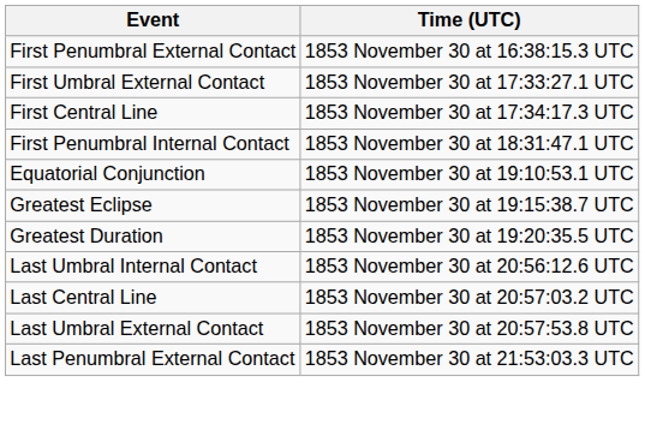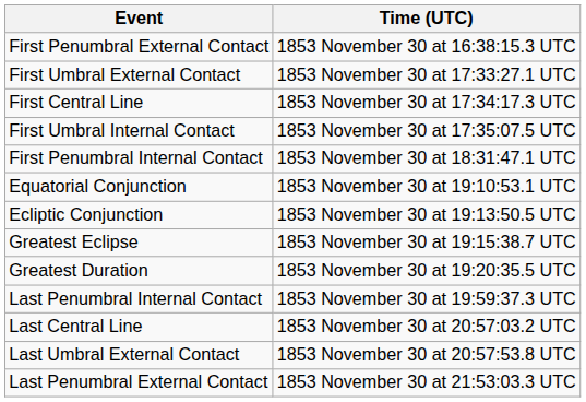 <table class="wikitable">
 <tr>
 <th>Event</th>
 <th>Time (UTC)</th>
 </tr>
 <tr>
 <td>First Penumbral External Contact</td>
 <td>1853 November 30 at 16:38:15.3 UTC</td>
 </tr>
 <tr>
 <td>First Umbral External Contact</td>
 <td>1853 November 30 at 17:33:27.1 UTC</td>
 </tr>
 <tr>
 <td>First Central Line</td>
 <td>1853 November 30 at 17:34:17.3 UTC</td>
 </tr>
 <tr>
+<td>First Umbral Internal Contact</td>
+<td>1853 November 30 at 17:35:07.5 UTC</td>
+</tr>
+<tr>
 <td>First Penumbral Internal Contact</td>
 <td>1853 November 30 at 18:31:47.1 UTC</td>
 </tr>
 <tr>
 <td>Equatorial Conjunction</td>
 <td>1853 November 30 at 19:10:53.1 UTC</td>
+</tr>
+<tr>
+<td>Ecliptic Conjunction</td>
+<td>1853 November 30 at 19:13:50.5 UTC</td>
 </tr>
 <tr>
 <td>Greatest Eclipse</td>
 <td>1853 November 30 at 19:15:38.7 UTC</td>
 </tr>
 <tr>
 <td>Greatest Duration</td>
 <td>1853 November 30 at 19:20:35.5 UTC</td>
 </tr>
 <tr>
-<td>Last Umbral Internal Contact</td>
-<td>1853 November 30 at 20:56:12.6 UTC</td>
+<td>Last Penumbral Internal Contact</td>
+<td>1853 November 30 at 19:59:37.3 UTC</td>
 </tr>
 <tr>
 <td>Last Central Line</td>
 <td>1853 November 30 at 20:57:03.2 UTC</td>
 </tr>
 <tr>
 <td>Last Umbral External Contact</td>
 <td>1853 November 30 at 20:57:53.8 UTC</td>
 </tr>
 <tr>
 <td>Last Penumbral External Contact</td>
 <td>1853 November 30 at 21:53:03.3 UTC</td>
 </tr>
 </table>
